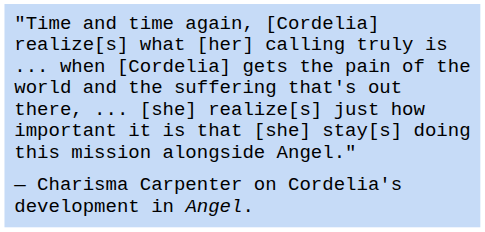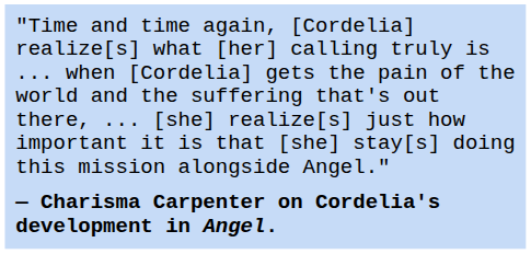 <table class="toccolours" style="float: left; margin-left: 1em; margin-right: 2em; font-size: 95%; background:#c6dbf7; color:black; width:25em; max-width: 40%;" cellspacing="5">
 <tr>
 <td style="text-align: left;">"Time and time again, [Cordelia] realize[s] what [her] calling truly is ... when [Cordelia] gets the pain of the world and the suffering that's out there, ... [she] realize[s] just how important it is that [she] stay[s] doing this mission alongside Angel."</td>
 </tr>
 <tr>
-<td style="text-align: left;">— Charisma Carpenter on Cordelia's development in <em>Angel</em>.</td>
+<td style="text-align: left;"><strong>— Charisma Carpenter on Cordelia's development in <em>Angel</em>.</strong></td>
 </tr>
 </table>
